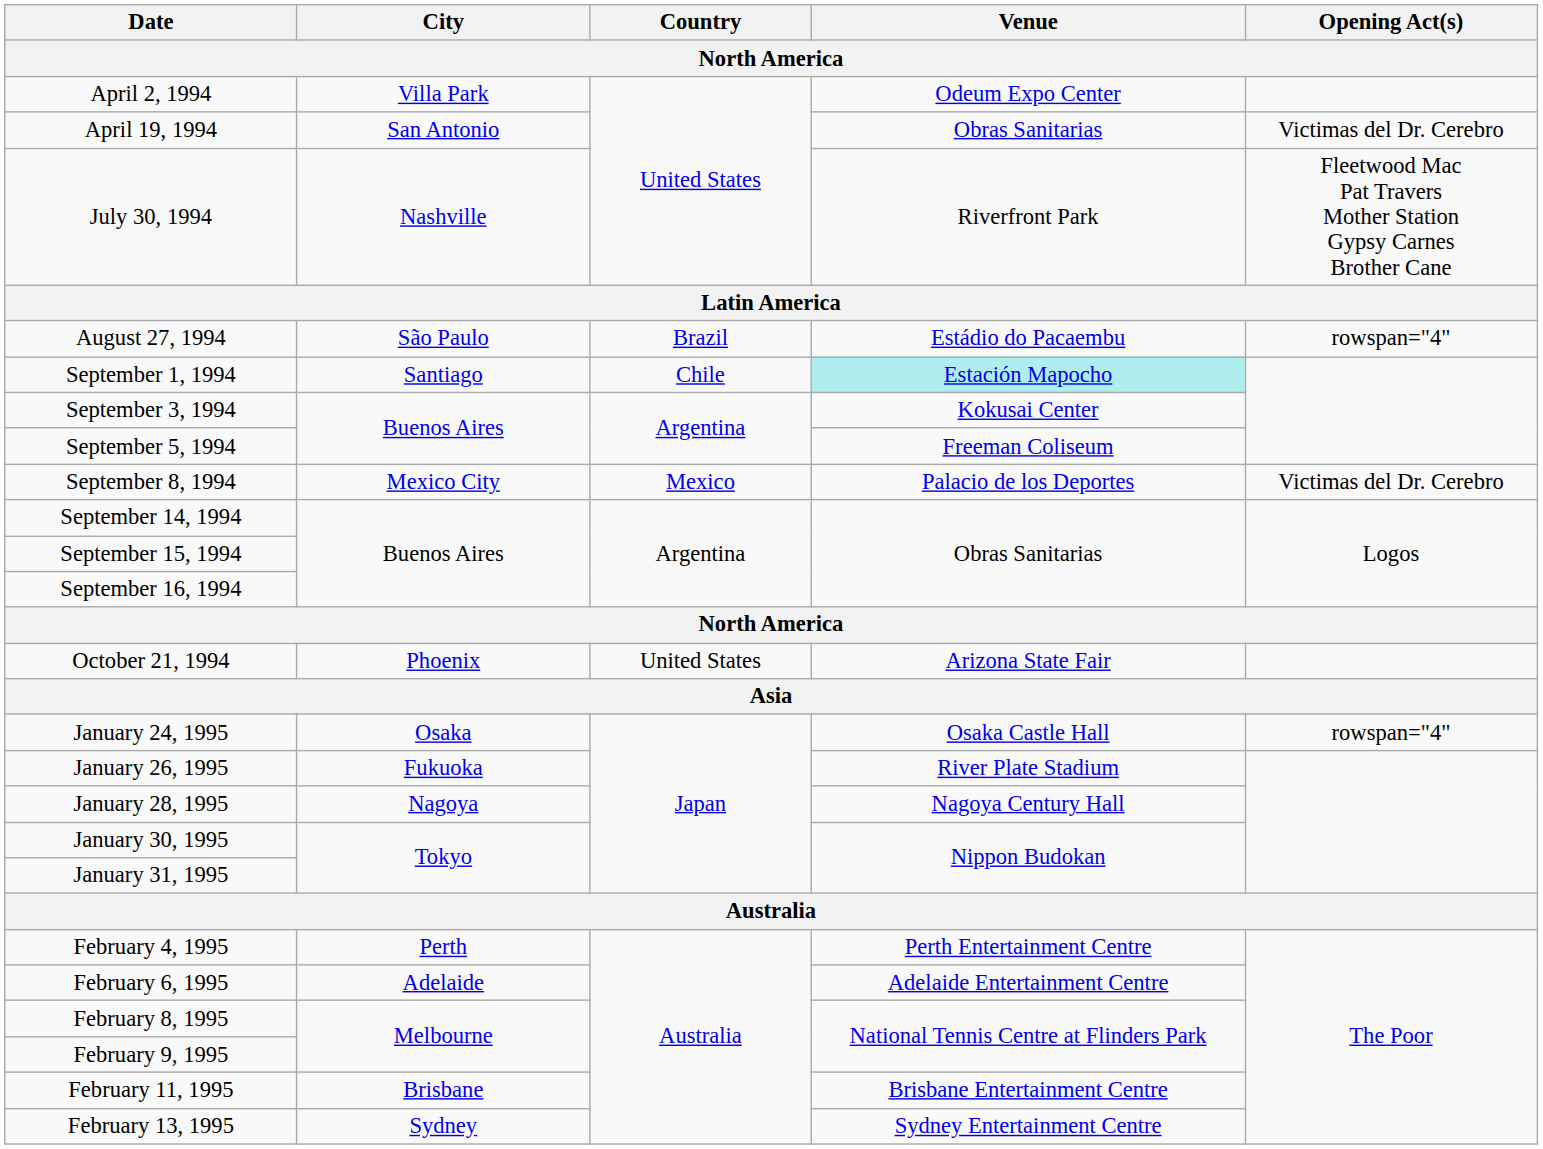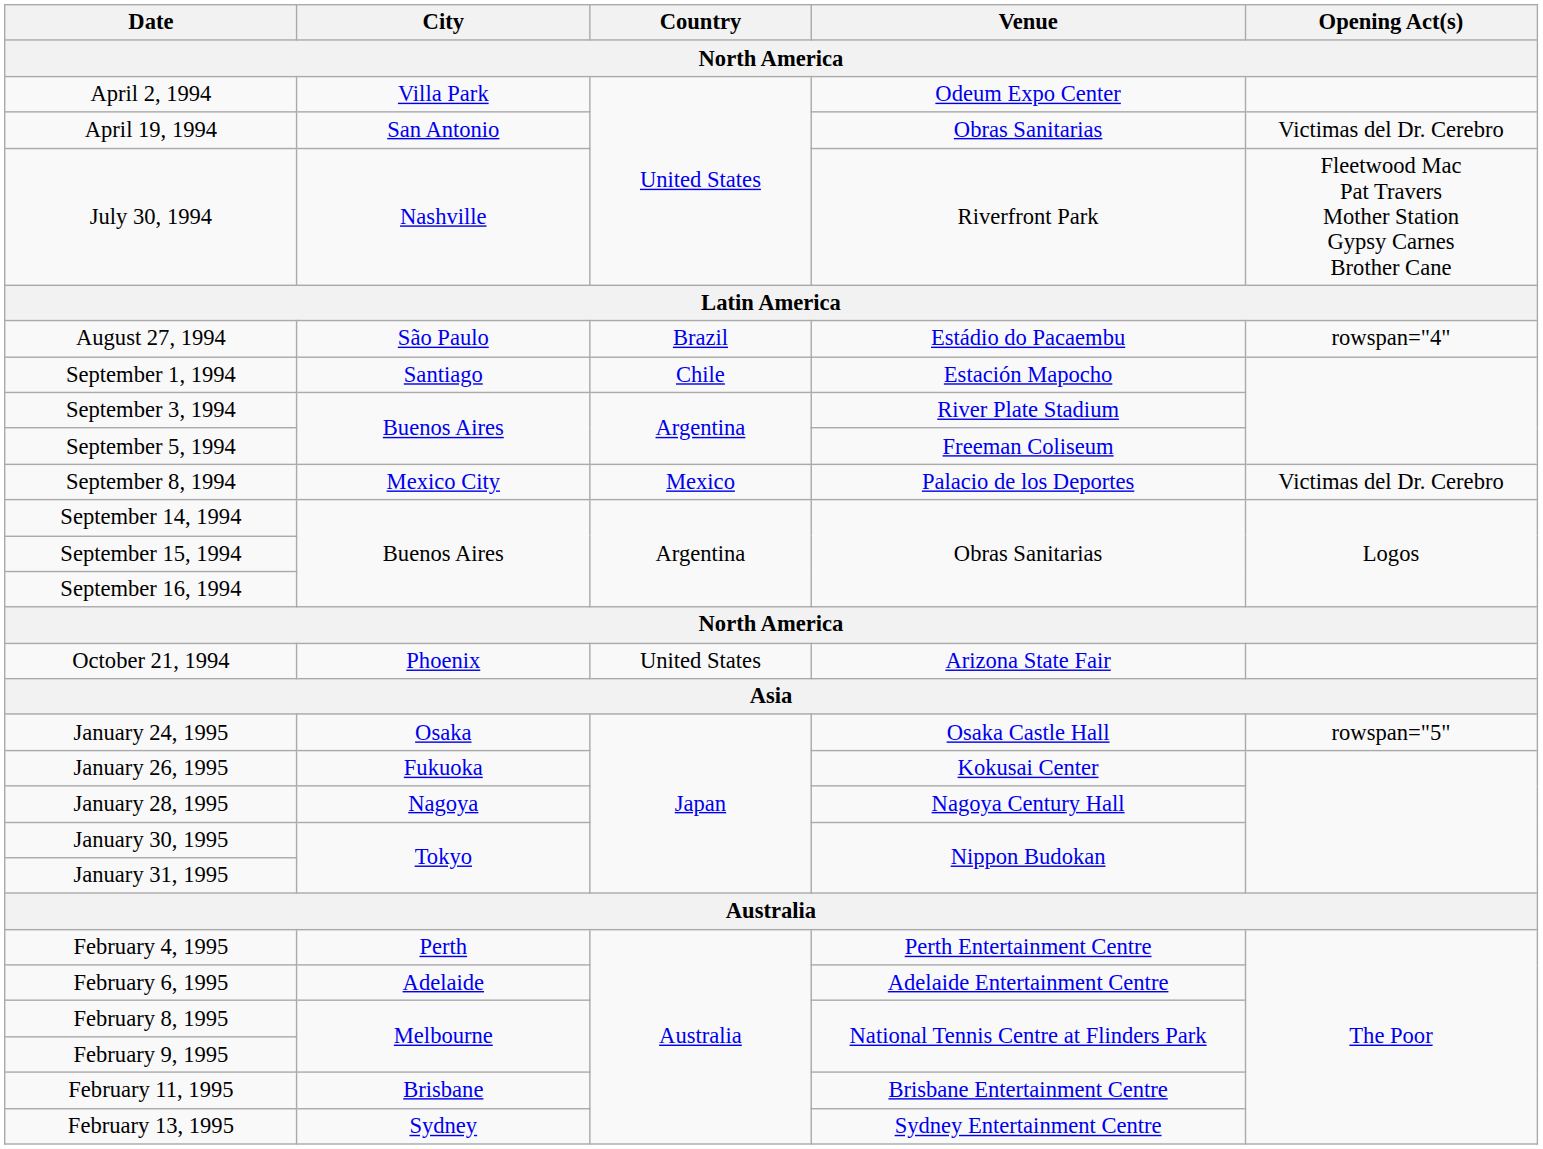 <table class="wikitable" style="text-align:center;">
 <tr>
 <th width="200">Date</th>
 <th width="200">City</th>
 <th width="150">Country</th>
 <th width="300">Venue</th>
 <th width="200">Opening Act(s)</th>
 </tr>
 <tr>
 <th colspan="5">North America</th>
 </tr>
 <tr>
 <td>April 2, 1994</td>
 <td><a href='#'>Villa Park</a></td>
 <td rowspan="3"><a href='#'>United States</a></td>
 <td><a href='#'>Odeum Expo Center</a></td>
 <td></td>
 </tr>
 <tr>
 <td>April 19, 1994</td>
 <td><a href='#'>San Antonio</a></td>
 <td><a href='#'>Obras Sanitarias</a></td>
 <td>Victimas del Dr. Cerebro</td>
 </tr>
 <tr>
 <td>July 30, 1994</td>
 <td><a href='#'>Nashville</a></td>
 <td>Riverfront Park</td>
 <td>Fleetwood Mac<br>Pat Travers<br>Mother Station<br>Gypsy Carnes<br>Brother Cane</td>
 </tr>
 <tr>
 <th colspan="5">Latin America</th>
 </tr>
 <tr>
 <td>August 27, 1994</td>
 <td><a href='#'>São Paulo</a></td>
 <td><a href='#'>Brazil</a></td>
 <td><a href='#'>Estádio do Pacaembu</a></td>
 <td>rowspan="4" </td>
 </tr>
 <tr>
 <td>September 1, 1994</td>
 <td><a href='#'>Santiago</a></td>
 <td><a href='#'>Chile</a></td>
-<td style="background: paleturquoise;"><a href='#'>Estación Mapocho</a></td>
+<td><a href='#'>Estación Mapocho</a></td>
 </tr>
 <tr>
 <td>September 3, 1994</td>
 <td rowspan="2"><a href='#'>Buenos Aires</a></td>
 <td rowspan="2"><a href='#'>Argentina</a></td>
-<td><a href='#'>Kokusai Center</a></td>
+<td><a href='#'>River Plate Stadium</a></td>
 </tr>
 <tr>
 <td>September 5, 1994</td>
 <td><a href='#'>Freeman Coliseum</a></td>
 </tr>
 <tr>
 <td>September 8, 1994</td>
 <td><a href='#'>Mexico City</a></td>
 <td><a href='#'>Mexico</a></td>
 <td><a href='#'>Palacio de los Deportes</a></td>
 <td>Victimas del Dr. Cerebro</td>
 </tr>
 <tr>
 <td>September 14, 1994</td>
 <td rowspan="3">Buenos Aires</td>
 <td rowspan="3">Argentina</td>
 <td rowspan="3">Obras Sanitarias</td>
 <td rowspan="3">Logos</td>
 </tr>
 <tr>
 <td>September 15, 1994</td>
 </tr>
 <tr>
 <td>September 16, 1994</td>
 </tr>
 <tr>
 <th colspan="5">North America</th>
 </tr>
 <tr>
 <td>October 21, 1994</td>
 <td><a href='#'>Phoenix</a></td>
 <td>United States</td>
 <td><a href='#'>Arizona State Fair</a></td>
 <td></td>
 </tr>
 <tr>
 <th colspan="5">Asia</th>
 </tr>
 <tr>
 <td>January 24, 1995</td>
 <td><a href='#'>Osaka</a></td>
 <td rowspan="5"><a href='#'>Japan</a></td>
 <td><a href='#'>Osaka Castle Hall</a></td>
-<td>rowspan="4" </td>
+<td>rowspan="5" </td>
 </tr>
 <tr>
 <td>January 26, 1995</td>
 <td><a href='#'>Fukuoka</a></td>
-<td><a href='#'>River Plate Stadium</a></td>
+<td><a href='#'>Kokusai Center</a></td>
 </tr>
 <tr>
 <td>January 28, 1995</td>
 <td><a href='#'>Nagoya</a></td>
 <td><a href='#'>Nagoya Century Hall</a></td>
 </tr>
 <tr>
 <td>January 30, 1995</td>
 <td rowspan="2"><a href='#'>Tokyo</a></td>
 <td rowspan="2"><a href='#'>Nippon Budokan</a></td>
 </tr>
 <tr>
 <td>January 31, 1995</td>
 </tr>
 <tr>
 <th colspan="5">Australia</th>
 </tr>
 <tr>
 <td>February 4, 1995</td>
 <td><a href='#'>Perth</a></td>
 <td rowspan="6"><a href='#'>Australia</a></td>
 <td><a href='#'>Perth Entertainment Centre</a></td>
 <td rowspan="6"><a href='#'>The Poor</a></td>
 </tr>
 <tr>
 <td>February 6, 1995</td>
 <td><a href='#'>Adelaide</a></td>
 <td><a href='#'>Adelaide Entertainment Centre</a></td>
 </tr>
 <tr>
 <td>February 8, 1995</td>
 <td rowspan="2"><a href='#'>Melbourne</a></td>
 <td rowspan="2"><a href='#'>National Tennis Centre at Flinders Park</a></td>
 </tr>
 <tr>
 <td>February 9, 1995</td>
 </tr>
 <tr>
 <td>February 11, 1995</td>
 <td><a href='#'>Brisbane</a></td>
 <td><a href='#'>Brisbane Entertainment Centre</a></td>
 </tr>
 <tr>
 <td>February 13, 1995</td>
 <td><a href='#'>Sydney</a></td>
 <td><a href='#'>Sydney Entertainment Centre</a></td>
 </tr>
 </table>
